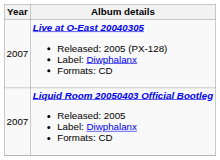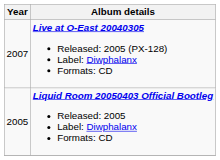 <table class ="wikitable">
 <tr>
 <th>Year</th>
 <th>Album details</th>
 </tr>
 <tr>
 <td>2007</td>
 <td><strong><em><a href='#'>Live at O-East 20040305</a></em></strong><br><ul><li>Released: 2005 (PX-128)</li><li>Label: <a href='#'>Diwphalanx</a></li><li>Formats: CD</li></ul></td>
 </tr>
 <tr>
-<td>2007</td>
+<td>2005</td>
 <td><strong><em><a href='#'>Liquid Room 20050403 Official Bootleg</a></em></strong><br><ul><li>Released: 2005</li><li>Label: <a href='#'>Diwphalanx</a></li><li>Formats: CD</li></ul></td>
 </tr>
 <tr>
 </tr>
 </table>
